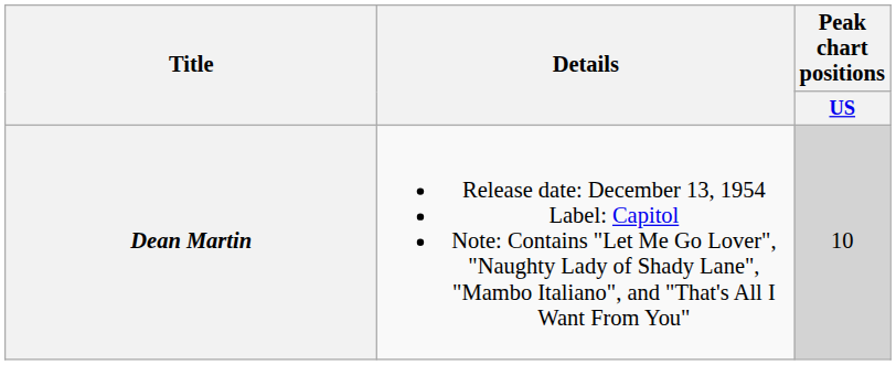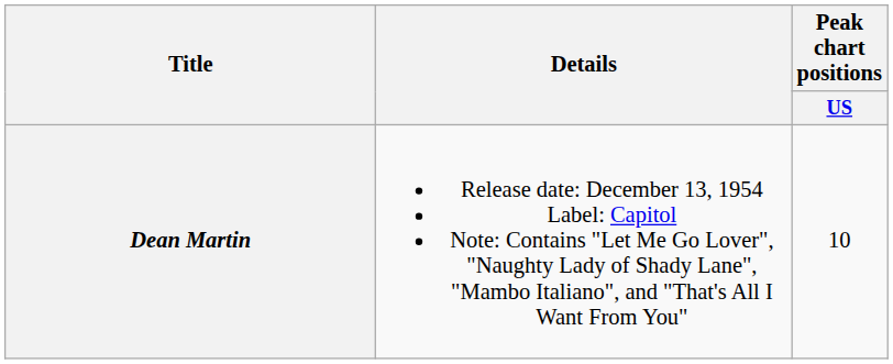 <table class="wikitable plainrowheaders" style="text-align:center;">
 <tr>
 <th scope="col" rowspan="2" style="width:16em;">Title</th>
 <th scope="col" rowspan="2" style="width:18em;">Details</th>
 <th scope="col" colspan="1">Peak chart positions</th>
 </tr>
 <tr>
 <th scope="col" style="width:3em;font-size:90%;"><a href='#'>US</a><br></th>
 </tr>
 <tr>
 <th scope="row"><strong><em>Dean Martin</em></strong></th>
 <td><br><ul><li>Release date: December 13, 1954</li><li>Label: <a href='#'>Capitol</a></li><li>Note: Contains "Let Me Go Lover", "Naughty Lady of Shady Lane", "Mambo Italiano", and "That's All I Want From You"</li></ul></td>
-<td style="background: lightgrey;">10</td>
+<td>10</td>
 </tr>
 </table>
